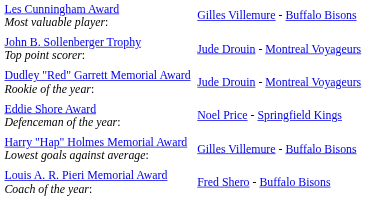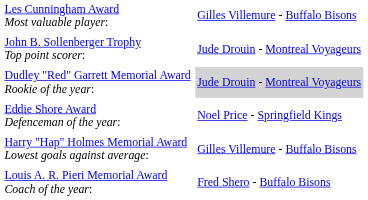 <table cellpadding="3" cellspacing="3">
 <tr>
 <td><a href='#'>Les Cunningham Award</a><br><em>Most valuable player</em>:</td>
 <td><a href='#'>Gilles Villemure</a> - <a href='#'>Buffalo Bisons</a></td>
 </tr>
 <tr>
 <td><a href='#'>John B. Sollenberger Trophy</a><br><em>Top point scorer</em>:</td>
 <td><a href='#'>Jude Drouin</a> - <a href='#'>Montreal Voyageurs</a></td>
 </tr>
 <tr>
 <td><a href='#'>Dudley "Red" Garrett Memorial Award</a><br><em>Rookie of the year</em>:</td>
-<td><a href='#'>Jude Drouin</a> - <a href='#'>Montreal Voyageurs</a></td>
+<td style="background: lightgrey;"><a href='#'>Jude Drouin</a> - <a href='#'>Montreal Voyageurs</a></td>
 </tr>
 <tr>
 <td><a href='#'>Eddie Shore Award</a><br><em>Defenceman of the year</em>:</td>
 <td><a href='#'>Noel Price</a> - <a href='#'>Springfield Kings</a></td>
 </tr>
 <tr>
 <td><a href='#'>Harry "Hap" Holmes Memorial Award</a><br><em>Lowest goals against average</em>:</td>
 <td><a href='#'>Gilles Villemure</a> - <a href='#'>Buffalo Bisons</a></td>
 </tr>
 <tr>
 <td><a href='#'>Louis A. R. Pieri Memorial Award</a><br><em>Coach of the year</em>:</td>
 <td><a href='#'>Fred Shero</a> - <a href='#'>Buffalo Bisons</a></td>
 </tr>
 </table>
